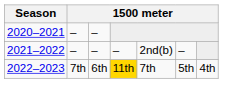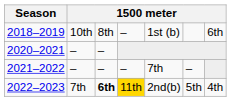 <table class="wikitable" style="display: inline-table;">
 <tr>
 <th>Season</th>
 <th colspan="6">1500 meter</th>
+</tr>
+<tr>
+<td><a href='#'>2018–2019</a></td>
+<td>10th</td>
+<td>8th</td>
+<td>–</td>
+<td>1st (b)</td>
+<td></td>
+<td>6th</td>
 </tr>
 <tr>
 <td><a href='#'>2020–2021</a></td>
 <td>–</td>
 <td>–</td>
 <td colspan="4" bgcolor=#EEEEEE></td>
 </tr>
 <tr>
 <td><a href='#'>2021–2022</a></td>
 <td>–</td>
 <td>–</td>
 <td>–</td>
-<td>2nd(b)</td>
+<td>7th</td>
 <td>–</td>
 <td colspan="1" bgcolor=#EEEEEE></td>
 </tr>
 <tr>
 <td><a href='#'>2022–2023</a></td>
 <td>7th</td>
-<td>6th</td>
+<td><strong>6th</strong></td>
 <td style="background: gold;">11th</td>
-<td>7th</td>
+<td>2nd(b)</td>
 <td>5th</td>
 <td>4th</td>
 </tr>
 </table>
